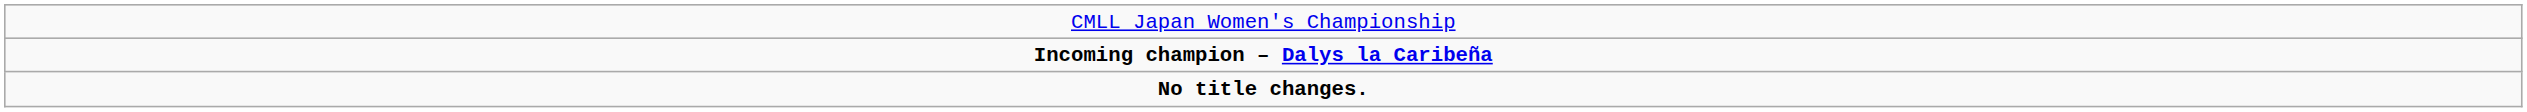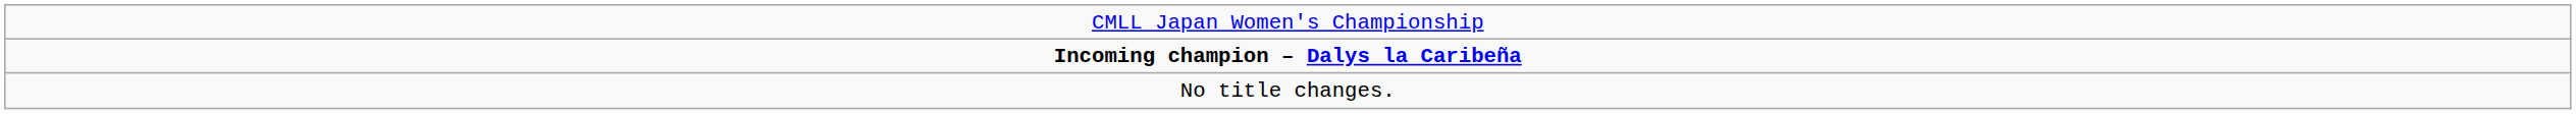 <table class="wikitable" style="text-align:center; width:100%;">
 <tr>
 <td style="text-align: center;"><a href='#'>CMLL Japan Women's Championship</a></td>
 </tr>
 <tr>
 <td style="text-align: center;"><strong>Incoming champion – <a href='#'>Dalys la Caribeña</a></strong></td>
 </tr>
 <tr>
-<td><strong>No title changes.</strong></td>
+<td>No title changes.</td>
 </tr>
 </table>
